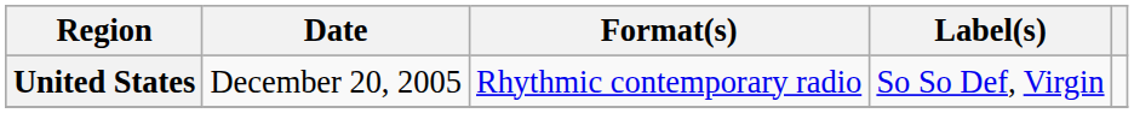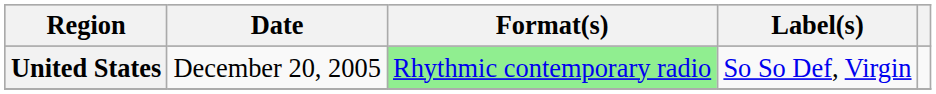 <table class="wikitable plainrowheaders">
 <tr>
 <th scope="col">Region</th>
 <th scope="col">Date</th>
 <th scope="col">Format(s)</th>
 <th scope="col">Label(s)</th>
 <th scope="col"></th>
 </tr>
 <tr>
 <th scope="row">United States</th>
 <td>December 20, 2005</td>
-<td><a href='#'>Rhythmic contemporary radio</a></td>
+<td style="background: lightgreen;"><a href='#'>Rhythmic contemporary radio</a></td>
 <td><a href='#'>So So Def</a>, <a href='#'>Virgin</a></td>
 <td align="center"></td>
 </tr>
 <tr>
 </tr>
 </table>
